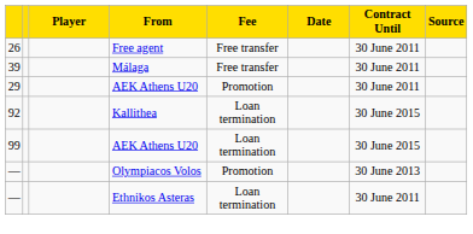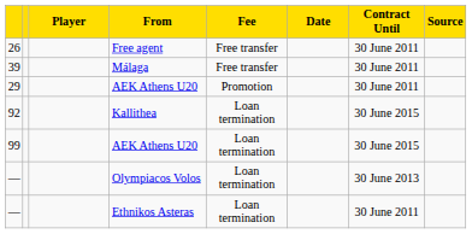 <table class="wikitable sortable">
 <tr>
 <th style="background:#FFDE00"></th>
 <th style="background:#FFDE00"></th>
 <th width=200 style="background:#FFDE00">Player</th>
 <th width=200 style="background:#FFDE00">From</th>
 <th width=150 style="background:#FFDE00">Fee</th>
 <th width=150 style="background:#FFDE00">Date</th>
 <th width=150 style="background:#FFDE00">Contract Until</th>
 <th style="background:#FFDE00">Source</th>
 </tr>
 <tr>
 <td align=center>26</td>
 <td align=center></td>
 <td></td>
 <td><a href='#'>Free agent</a></td>
 <td align=center>Free transfer</td>
 <td align=center></td>
 <td align=center>30 June 2011</td>
 <td align=center></td>
 </tr>
 <tr>
 <td align=center>39</td>
 <td align=center></td>
 <td></td>
 <td> <a href='#'>Málaga</a></td>
 <td align=center>Free transfer</td>
 <td align=center></td>
 <td align=center>30 June 2011</td>
 <td align=center></td>
 </tr>
 <tr>
 <td align=center>29</td>
 <td align=center></td>
 <td></td>
 <td> <a href='#'>AEK Athens U20</a></td>
 <td align=center>Promotion</td>
 <td align=center></td>
 <td align=center>30 June 2011</td>
 <td align=center></td>
 </tr>
 <tr>
 <td align=center>92</td>
 <td align=center></td>
 <td></td>
 <td> <a href='#'>Kallithea</a></td>
 <td align=center>Loan termination</td>
 <td align=center></td>
 <td align=center>30 June 2015</td>
 <td align=center></td>
 </tr>
 <tr>
 <td align=center>99</td>
 <td align=center></td>
 <td></td>
 <td> <a href='#'>AEK Athens U20</a></td>
 <td align=center>Loan termination</td>
 <td align=center></td>
 <td align=center>30 June 2015</td>
 <td align=center></td>
 </tr>
 <tr>
 <td align=center>—</td>
 <td align=center></td>
 <td></td>
 <td> <a href='#'>Olympiacos Volos</a></td>
-<td align=center>Promotion</td>
+<td align=center>Loan termination</td>
 <td align=center></td>
 <td align=center>30 June 2013</td>
 <td align=center></td>
 </tr>
 <tr>
 <td align=center>—</td>
 <td align=center></td>
 <td></td>
 <td> <a href='#'>Ethnikos Asteras</a></td>
 <td align=center>Loan termination</td>
 <td align=center></td>
 <td align=center>30 June 2011</td>
 <td align=center></td>
 </tr>
 </table>
